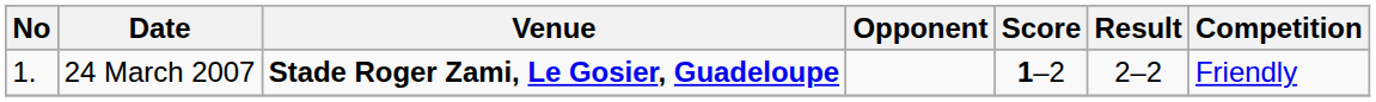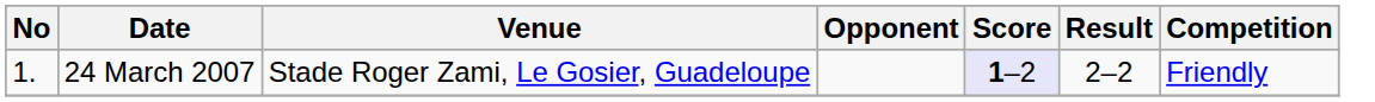 <table class="wikitable" style="font-size:85%;">
 <tr>
 <th>No</th>
 <th>Date</th>
 <th>Venue</th>
 <th>Opponent</th>
 <th>Score</th>
 <th>Result</th>
 <th>Competition</th>
 </tr>
 <tr>
 <td>1.</td>
 <td>24 March 2007</td>
-<td><strong>Stade Roger Zami, <a href='#'>Le Gosier</a>, <a href='#'>Guadeloupe</a></strong></td>
+<td>Stade Roger Zami, <a href='#'>Le Gosier</a>, <a href='#'>Guadeloupe</a></td>
 <td></td>
-<td align=center><strong>1</strong>–2</td>
+<td align=center style="background: lavender;"><strong>1</strong>–2</td>
 <td align=center>2–2</td>
 <td><a href='#'>Friendly</a></td>
 </tr>
 <tr>
 </tr>
 </table>
